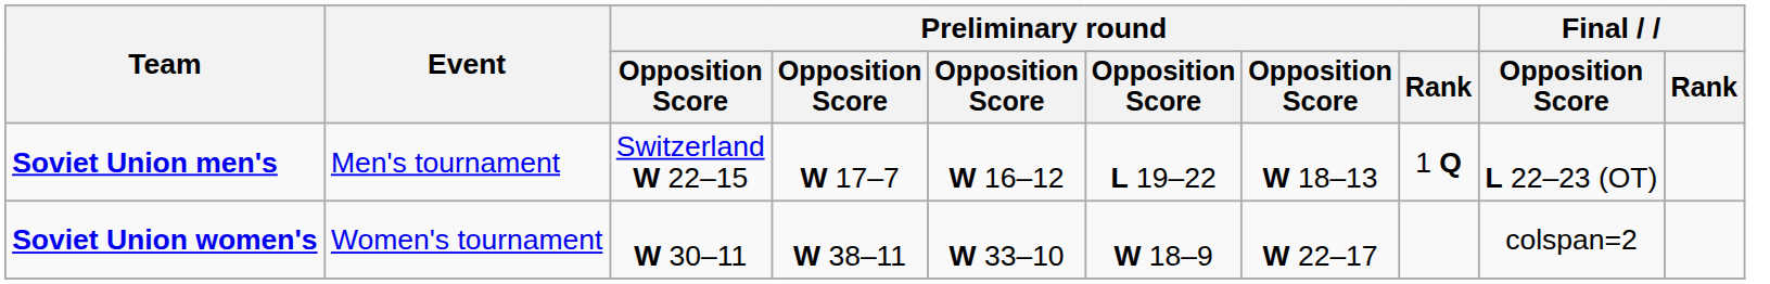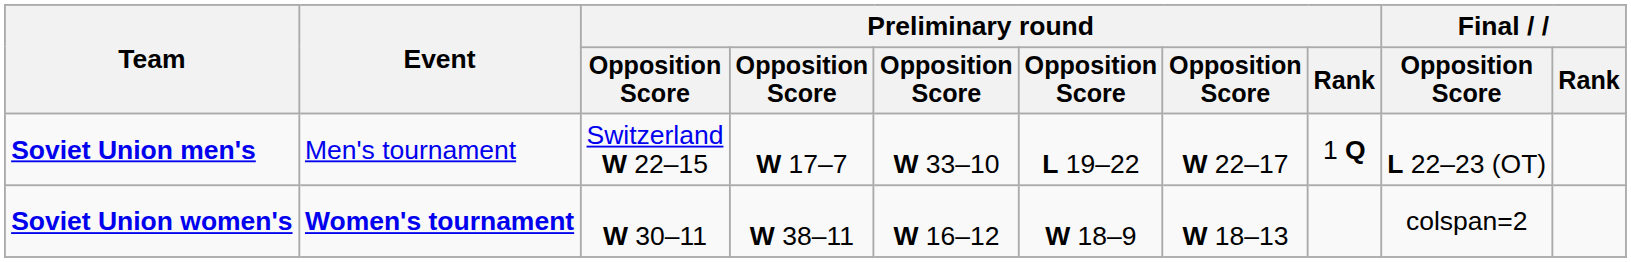 <table class="wikitable" style="text-align:center;font-size:90%">
 <tr>
 <th rowspan=2>Team</th>
 <th rowspan=2>Event</th>
 <th colspan=6>Preliminary round</th>
 <th colspan=2>Final /  / </th>
 </tr>
 <tr style="font-size:95%">
 <th>Opposition<br>Score</th>
 <th>Opposition<br>Score</th>
 <th>Opposition<br>Score</th>
 <th>Opposition<br>Score</th>
 <th>Opposition<br>Score</th>
 <th>Rank</th>
 <th>Opposition<br>Score</th>
 <th>Rank</th>
 </tr>
 <tr>
 <td align=left><strong><a href='#'>Soviet Union men's</a></strong></td>
 <td align=left><a href='#'>Men's tournament</a></td>
 <td> <a href='#'>Switzerland</a><br><strong>W</strong> 22–15</td>
 <td><br><strong>W</strong> 17–7</td>
-<td><br><strong>W</strong> 16–12</td>
+<td><br><strong>W</strong> 33–10</td>
 <td><br><strong>L</strong> 19–22</td>
-<td><br><strong>W</strong> 18–13</td>
+<td><br><strong>W</strong> 22–17</td>
 <td>1 <strong>Q</strong></td>
 <td><br><strong>L</strong> 22–23 (OT)</td>
 <td></td>
 </tr>
 <tr>
 <td align=left><strong><a href='#'>Soviet Union women's</a></strong></td>
-<td align=left><a href='#'>Women's tournament</a></td>
+<td align=left><strong><a href='#'>Women's tournament</a></strong></td>
 <td><br><strong>W</strong> 30–11</td>
 <td><br><strong>W</strong> 38–11</td>
-<td><br><strong>W</strong> 33–10</td>
+<td><br><strong>W</strong> 16–12</td>
 <td><br><strong>W</strong> 18–9</td>
-<td><br><strong>W</strong> 22–17</td>
+<td><br><strong>W</strong> 18–13</td>
 <td></td>
 <td>colspan=2 </td>
 </tr>
 </table>
